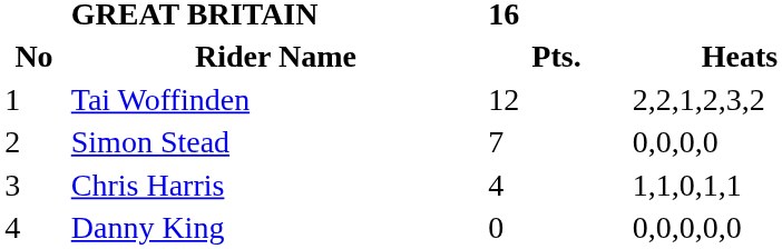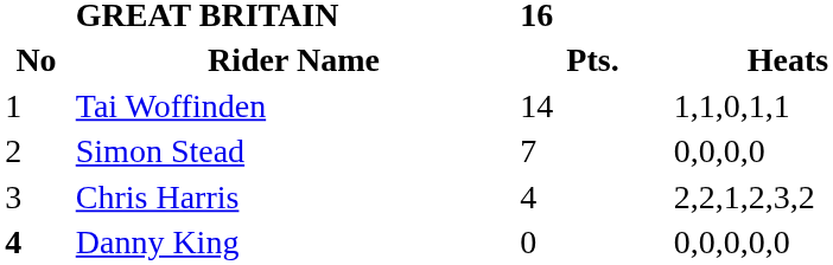 <table class="toccolours">
 <tr>
 <td></td>
 <td><strong>GREAT BRITAIN</strong></td>
 <td><strong>16</strong></td>
 </tr>
 <tr style="background-color:">
 <th width=30px>No</th>
 <th width=210px>Rider Name</th>
 <th width=70px>Pts.</th>
 <th width=110px>Heats</th>
 </tr>
 <tr style="background-color:">
 <td>1</td>
 <td><a href='#'>Tai Woffinden</a></td>
-<td>12</td>
-<td>2,2,1,2,3,2</td>
+<td>14</td>
+<td>1,1,0,1,1</td>
 </tr>
 <tr style="background-color:">
 <td>2</td>
 <td><a href='#'>Simon Stead</a></td>
 <td>7</td>
 <td>0,0,0,0</td>
 </tr>
 <tr style="background-color:">
 <td>3</td>
 <td><a href='#'>Chris Harris</a></td>
 <td>4</td>
-<td>1,1,0,1,1</td>
+<td>2,2,1,2,3,2</td>
 </tr>
 <tr style="background-color:">
-<td>4</td>
+<td><strong>4</strong></td>
 <td><a href='#'>Danny King</a></td>
 <td>0</td>
 <td>0,0,0,0,0</td>
 </tr>
 </table>
